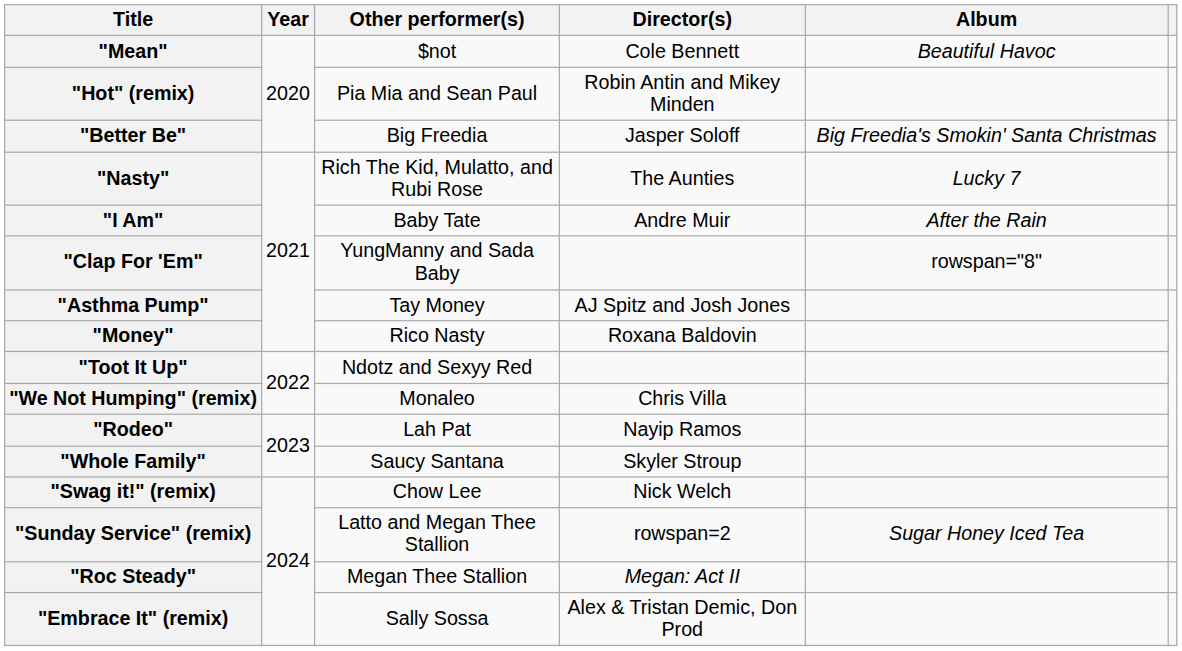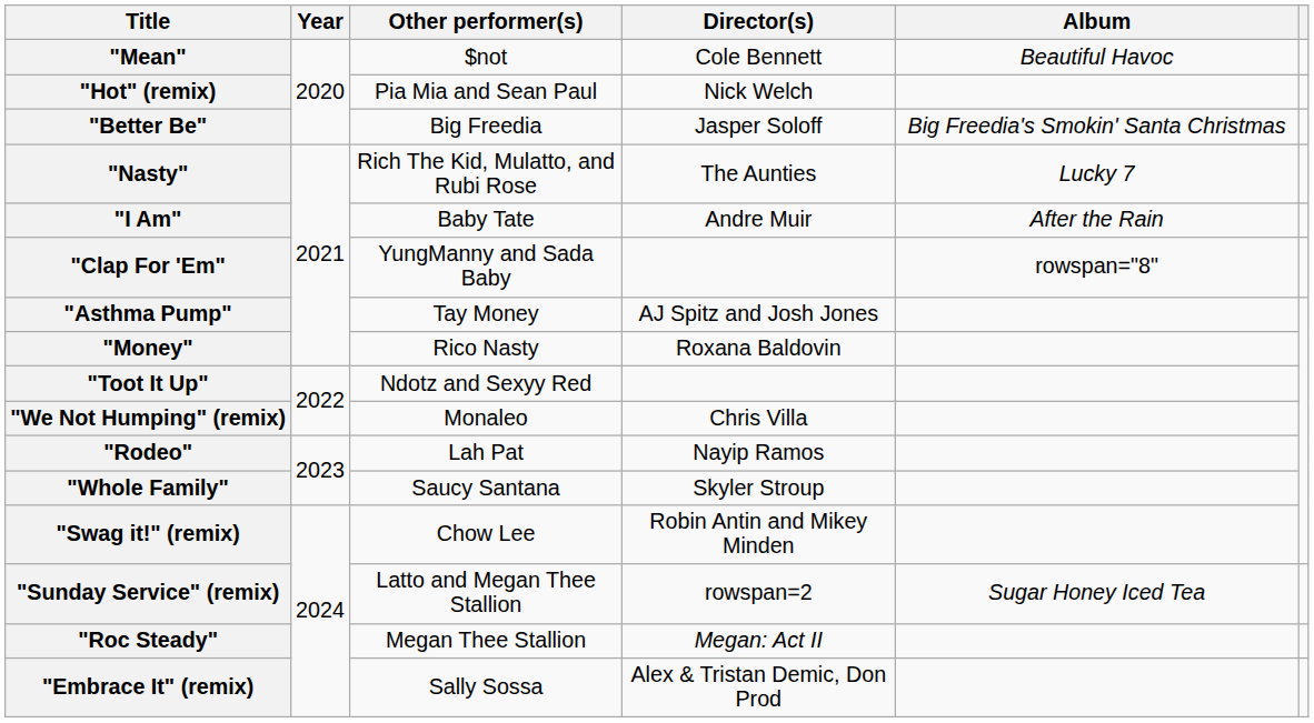 <table class="wikitable plainrowheaders" style="text-align: center;">
 <tr>
 <th scope="col">Title</th>
 <th scope="col">Year</th>
 <th style="width:12em;" scope="col">Other performer(s)</th>
 <th style="width:12em;" scope="col">Director(s)</th>
 <th style="width:18em;" scope="col">Album</th>
 <th scope="col"></th>
 </tr>
 <tr>
 <th scope="row">"Mean"</th>
 <td rowspan=3>2020</td>
 <td>$not</td>
 <td>Cole Bennett</td>
 <td><em>Beautiful Havoc</em></td>
 <td></td>
 </tr>
 <tr>
 <th scope="row">"Hot" (remix)</th>
 <td>Pia Mia and Sean Paul</td>
-<td>Robin Antin and Mikey Minden</td>
+<td>Nick Welch</td>
 <td></td>
 <td></td>
 </tr>
 <tr>
 <th scope="row">"Better Be"</th>
 <td>Big Freedia</td>
 <td>Jasper Soloff</td>
 <td><em>Big Freedia's Smokin' Santa Christmas</em></td>
 <td></td>
 </tr>
 <tr>
 <th scope="row">"Nasty"</th>
 <td rowspan="5">2021</td>
 <td>Rich The Kid, Mulatto, and Rubi Rose</td>
 <td>The Aunties</td>
 <td><em>Lucky 7</em></td>
 <td></td>
 </tr>
 <tr>
 <th scope="row">"I Am"</th>
 <td>Baby Tate</td>
 <td>Andre Muir</td>
 <td><em>After the Rain</em></td>
 <td></td>
 </tr>
 <tr>
 <th scope="row">"Clap For 'Em"</th>
 <td>YungManny and Sada Baby</td>
 <td></td>
 <td>rowspan="8" </td>
 <td></td>
 </tr>
 <tr>
 <th scope="row">"Asthma Pump"</th>
 <td>Tay Money</td>
 <td>AJ Spitz and Josh Jones</td>
 <td></td>
 </tr>
 <tr>
 <th scope="row">"Money"</th>
 <td>Rico Nasty</td>
 <td>Roxana Baldovin</td>
 <td></td>
 </tr>
 <tr>
 <th scope="row">"Toot It Up"</th>
 <td rowspan=2>2022</td>
 <td>Ndotz and Sexyy Red</td>
 <td></td>
 <td></td>
 </tr>
 <tr>
 <th scope="row">"We Not Humping" (remix)</th>
 <td>Monaleo</td>
 <td>Chris Villa</td>
 <td></td>
 </tr>
 <tr>
 <th scope="row">"Rodeo"</th>
 <td rowspan=2>2023</td>
 <td>Lah Pat</td>
 <td>Nayip Ramos</td>
 <td></td>
 </tr>
 <tr>
 <th scope="row">"Whole Family"</th>
 <td>Saucy Santana</td>
 <td>Skyler Stroup</td>
 <td></td>
 </tr>
 <tr>
 <th scope="row">"Swag it!" (remix)</th>
 <td rowspan=4>2024</td>
 <td>Chow Lee</td>
-<td>Nick Welch</td>
+<td>Robin Antin and Mikey Minden</td>
 <td></td>
 </tr>
 <tr>
 <th scope="row">"Sunday Service" (remix)</th>
 <td>Latto and Megan Thee Stallion</td>
 <td>rowspan=2 </td>
 <td><em>Sugar Honey Iced Tea</em></td>
 <td></td>
 </tr>
 <tr>
 <th scope="row">"Roc Steady"</th>
 <td>Megan Thee Stallion</td>
 <td><em>Megan: Act II</em></td>
 <td></td>
 </tr>
 <tr>
 <th scope="row">"Embrace It" (remix)</th>
 <td>Sally Sossa</td>
 <td>Alex & Tristan Demic, Don Prod</td>
 <td></td>
 <td></td>
 </tr>
 </table>
